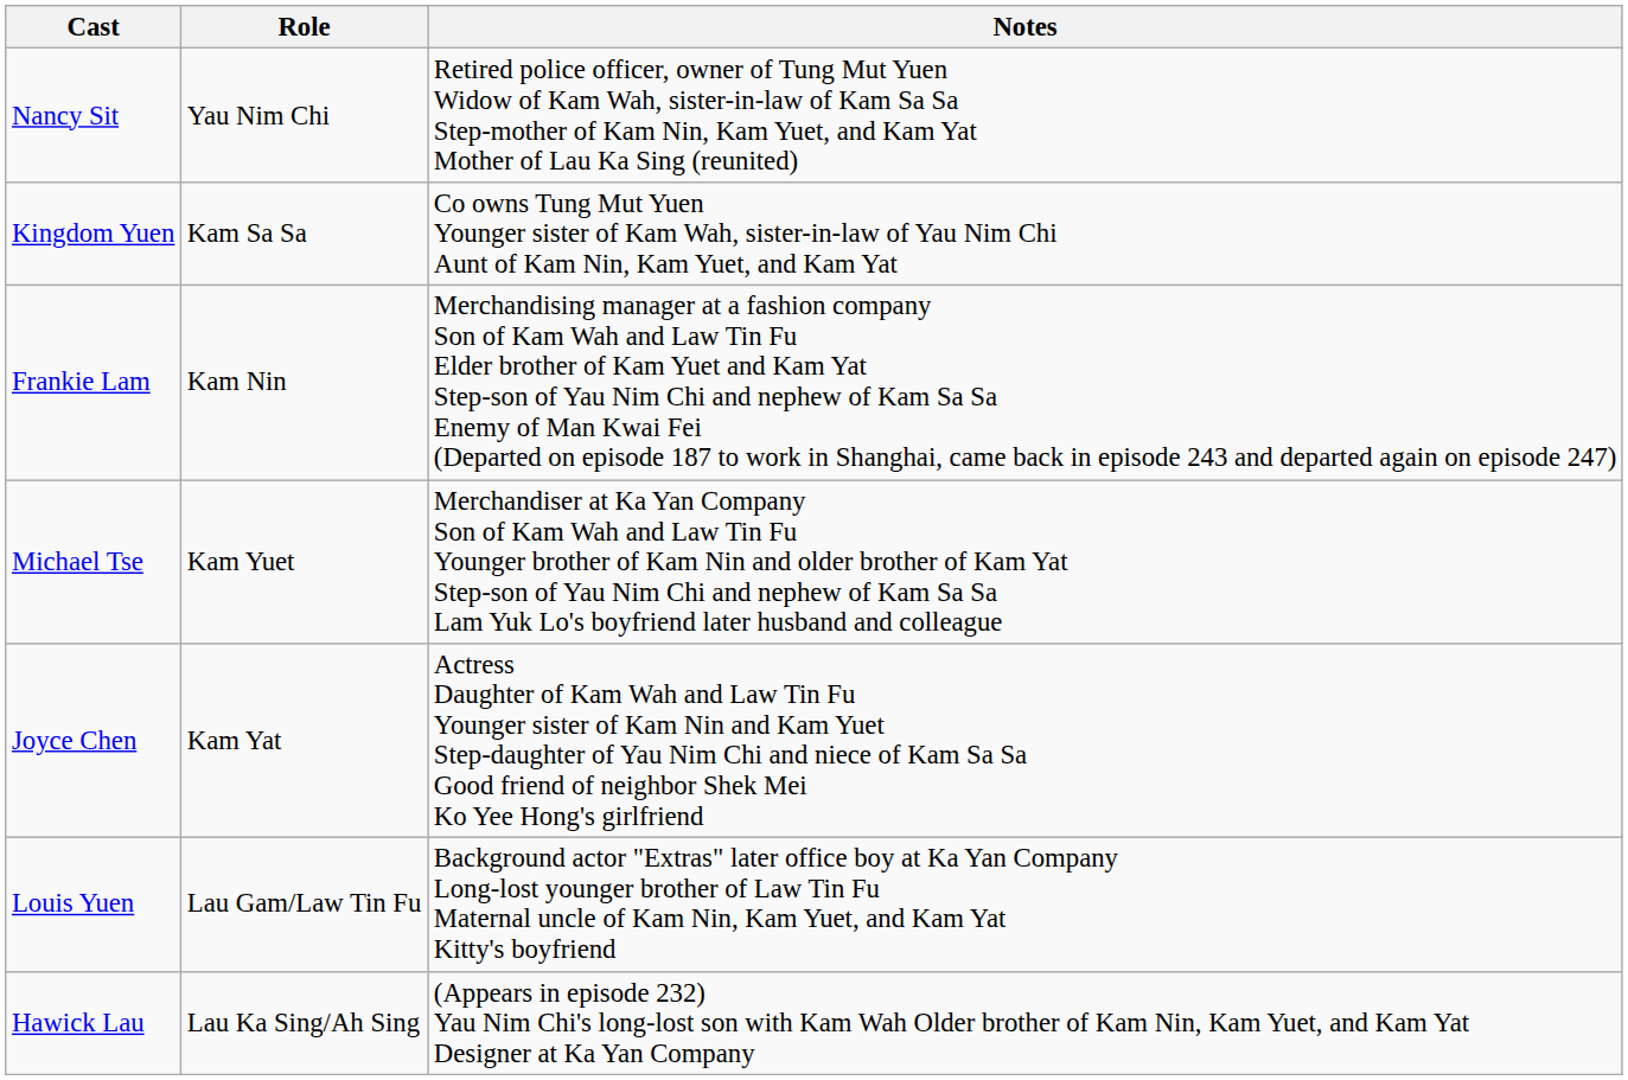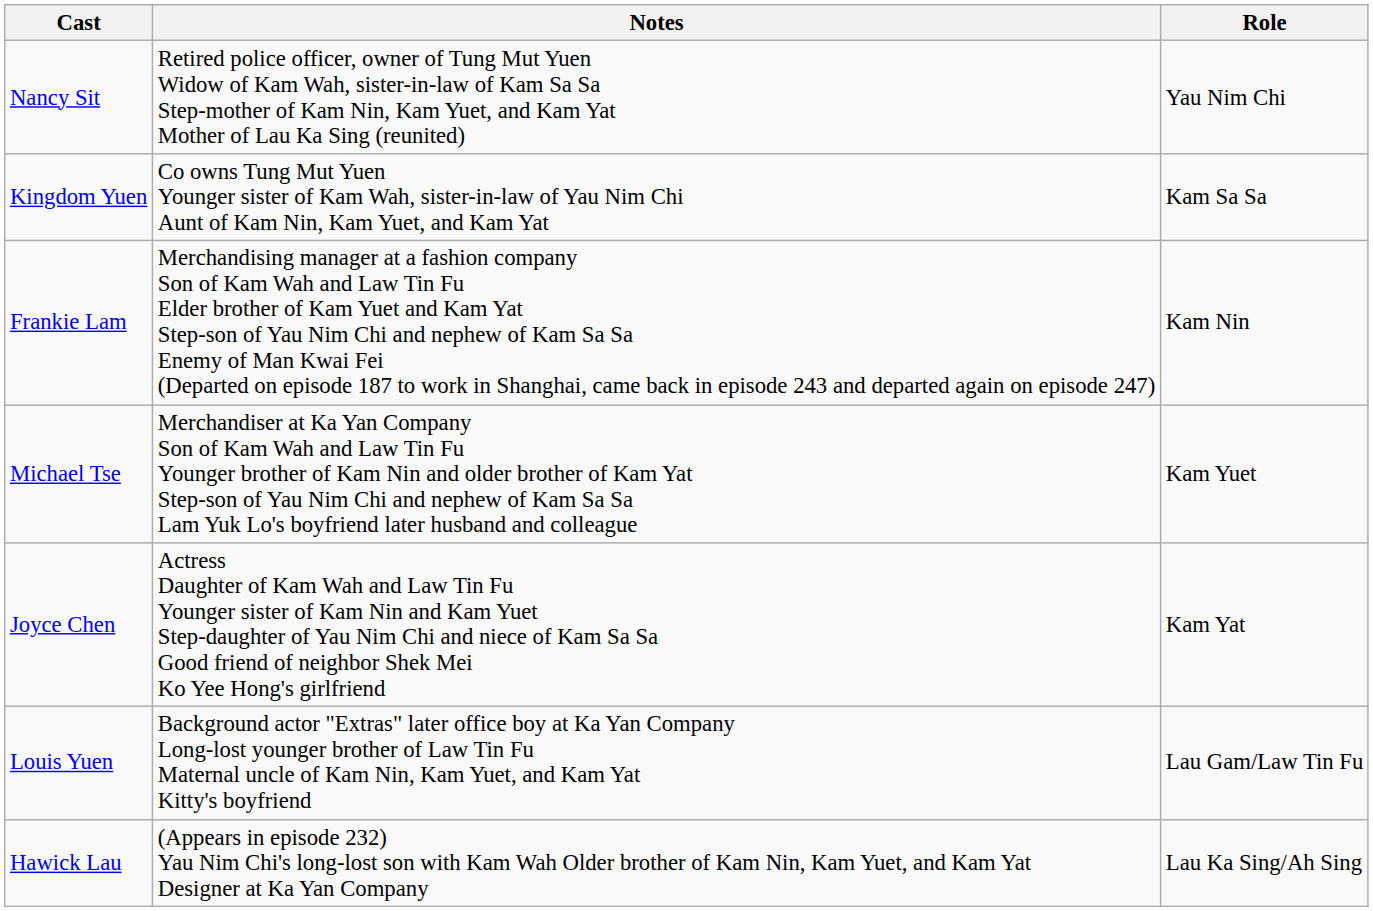 <table class="wikitable">
 <tr>
 <th>Cast</th>
+<th>Notes</th>
 <th>Role</th>
-<th>Notes</th>
 </tr>
 <tr>
 <td><a href='#'>Nancy Sit</a></td>
+<td>Retired police officer, owner of Tung Mut Yuen<br>Widow of Kam Wah, sister-in-law of Kam Sa Sa<br>Step-mother of Kam Nin, Kam Yuet, and Kam Yat<br>Mother of Lau Ka Sing (reunited)</td>
 <td>Yau Nim Chi</td>
-<td>Retired police officer, owner of Tung Mut Yuen<br>Widow of Kam Wah, sister-in-law of Kam Sa Sa<br>Step-mother of Kam Nin, Kam Yuet, and Kam Yat<br>Mother of Lau Ka Sing (reunited)</td>
 </tr>
 <tr>
 <td><a href='#'>Kingdom Yuen</a></td>
+<td>Co owns Tung Mut Yuen<br>Younger sister of Kam Wah, sister-in-law of Yau Nim Chi<br>Aunt of Kam Nin, Kam Yuet, and Kam Yat</td>
 <td>Kam Sa Sa</td>
-<td>Co owns Tung Mut Yuen<br>Younger sister of Kam Wah, sister-in-law of Yau Nim Chi<br>Aunt of Kam Nin, Kam Yuet, and Kam Yat</td>
 </tr>
 <tr>
 <td><a href='#'>Frankie Lam</a></td>
+<td>Merchandising manager at a fashion company<br>Son of Kam Wah and Law Tin Fu<br>Elder brother of Kam Yuet and Kam Yat<br>Step-son of Yau Nim Chi and nephew of Kam Sa Sa<br>Enemy of Man Kwai Fei<br>(Departed on episode 187 to work in Shanghai, came back in episode 243 and departed again on episode 247)</td>
 <td>Kam Nin</td>
-<td>Merchandising manager at a fashion company<br>Son of Kam Wah and Law Tin Fu<br>Elder brother of Kam Yuet and Kam Yat<br>Step-son of Yau Nim Chi and nephew of Kam Sa Sa<br>Enemy of Man Kwai Fei<br>(Departed on episode 187 to work in Shanghai, came back in episode 243 and departed again on episode 247)</td>
 </tr>
 <tr>
 <td><a href='#'>Michael Tse</a></td>
+<td>Merchandiser at Ka Yan Company<br>Son of Kam Wah and Law Tin Fu<br>Younger brother of Kam Nin and older brother of Kam Yat<br>Step-son of Yau Nim Chi and nephew of Kam Sa Sa<br>Lam Yuk Lo's boyfriend later husband and colleague</td>
 <td>Kam Yuet</td>
-<td>Merchandiser at Ka Yan Company<br>Son of Kam Wah and Law Tin Fu<br>Younger brother of Kam Nin and older brother of Kam Yat<br>Step-son of Yau Nim Chi and nephew of Kam Sa Sa<br>Lam Yuk Lo's boyfriend later husband and colleague</td>
 </tr>
 <tr>
 <td><a href='#'>Joyce Chen</a></td>
+<td>Actress<br>Daughter of Kam Wah and Law Tin Fu<br>Younger sister of Kam Nin and Kam Yuet<br>Step-daughter of Yau Nim Chi and niece of Kam Sa Sa<br>Good friend of neighbor Shek Mei<br>Ko Yee Hong's girlfriend</td>
 <td>Kam Yat</td>
-<td>Actress<br>Daughter of Kam Wah and Law Tin Fu<br>Younger sister of Kam Nin and Kam Yuet<br>Step-daughter of Yau Nim Chi and niece of Kam Sa Sa<br>Good friend of neighbor Shek Mei<br>Ko Yee Hong's girlfriend</td>
 </tr>
 <tr>
 <td><a href='#'>Louis Yuen</a></td>
+<td>Background actor "Extras" later office boy at Ka Yan Company<br>Long-lost younger brother of Law Tin Fu<br>Maternal uncle of Kam Nin, Kam Yuet, and Kam Yat<br>Kitty's boyfriend</td>
 <td>Lau Gam/Law Tin Fu</td>
-<td>Background actor "Extras" later office boy at Ka Yan Company<br>Long-lost younger brother of Law Tin Fu<br>Maternal uncle of Kam Nin, Kam Yuet, and Kam Yat<br>Kitty's boyfriend</td>
 </tr>
 <tr>
 <td><a href='#'>Hawick Lau</a></td>
+<td>(Appears in episode 232)<br>Yau Nim Chi's long-lost son with Kam Wah Older brother of Kam Nin, Kam Yuet, and Kam Yat<br>Designer at Ka Yan Company</td>
 <td>Lau Ka Sing/Ah Sing</td>
-<td>(Appears in episode 232)<br>Yau Nim Chi's long-lost son with Kam Wah Older brother of Kam Nin, Kam Yuet, and Kam Yat<br>Designer at Ka Yan Company</td>
 </tr>
 </table>
